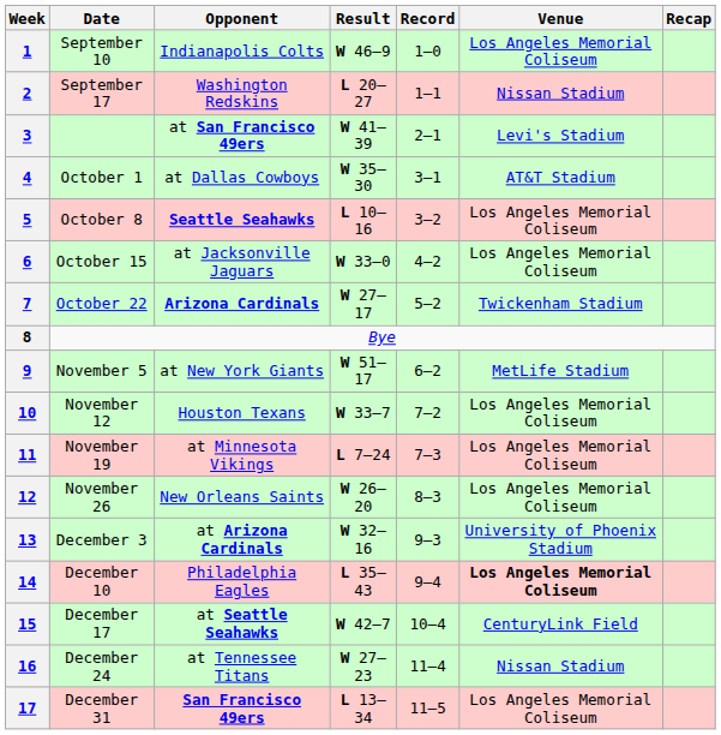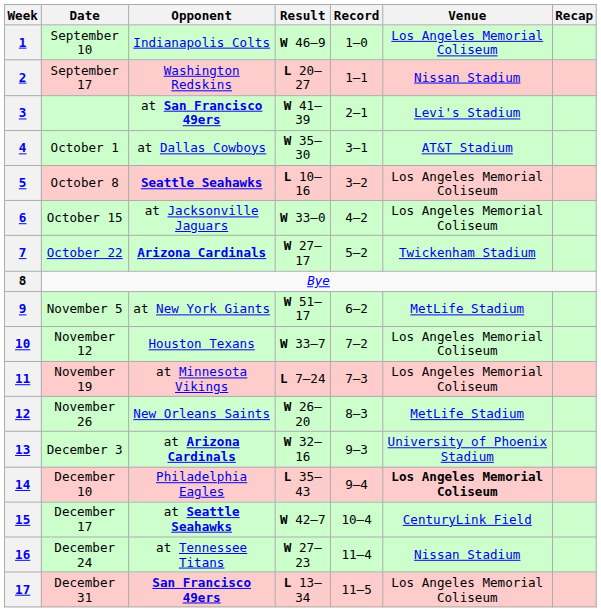 <table class="wikitable" style="text-align:center">
 <tr>
 <th>Week</th>
 <th>Date</th>
 <th>Opponent</th>
 <th>Result</th>
 <th>Record</th>
 <th>Venue</th>
 <th>Recap</th>
 </tr>
 <tr style="background:#cfc">
 <th><a href='#'>1</a></th>
 <td>September 10</td>
 <td><a href='#'>Indianapolis Colts</a></td>
 <td><strong>W</strong> 46–9</td>
 <td>1–0</td>
 <td><a href='#'>Los Angeles Memorial Coliseum</a></td>
 <td></td>
 </tr>
 <tr style="background:#fcc">
 <th><a href='#'>2</a></th>
 <td>September 17</td>
 <td><a href='#'>Washington Redskins</a></td>
 <td><strong>L</strong> 20–27</td>
 <td>1–1</td>
 <td><a href='#'>Nissan Stadium</a></td>
 <td></td>
 </tr>
 <tr style="background:#cfc">
 <th><a href='#'>3</a></th>
 <td></td>
 <td>at <strong><a href='#'>San Francisco 49ers</a></strong></td>
 <td><strong>W</strong> 41–39</td>
 <td>2–1</td>
 <td><a href='#'>Levi's Stadium</a></td>
 <td></td>
 </tr>
 <tr style="background:#cfc">
 <th><a href='#'>4</a></th>
 <td>October 1</td>
 <td>at <a href='#'>Dallas Cowboys</a></td>
 <td><strong>W</strong> 35–30</td>
 <td>3–1</td>
 <td><a href='#'>AT&T Stadium</a></td>
 <td></td>
 </tr>
 <tr style="background:#fcc">
 <th><a href='#'>5</a></th>
 <td>October 8</td>
 <td><strong><a href='#'>Seattle Seahawks</a></strong></td>
 <td><strong>L</strong> 10–16</td>
 <td>3–2</td>
 <td>Los Angeles Memorial Coliseum</td>
 <td></td>
 </tr>
 <tr style="background:#cfc">
 <th><a href='#'>6</a></th>
 <td>October 15</td>
 <td>at <a href='#'>Jacksonville Jaguars</a></td>
 <td><strong>W</strong> 33–0</td>
 <td>4–2</td>
 <td>Los Angeles Memorial Coliseum</td>
 <td></td>
 </tr>
 <tr style="background:#cfc">
 <th><a href='#'>7</a></th>
 <td><a href='#'>October 22</a></td>
 <td><strong><a href='#'>Arizona Cardinals</a></strong></td>
 <td><strong>W</strong> 27–17</td>
 <td>5–2</td>
 <td> <a href='#'>Twickenham Stadium</a> </td>
 <td></td>
 </tr>
 <tr>
 <th>8</th>
 <td colspan="6"><em><a href='#'>Bye</a></em></td>
 </tr>
 <tr style="background:#cfc">
 <th><a href='#'>9</a></th>
 <td>November 5</td>
 <td>at <a href='#'>New York Giants</a></td>
 <td><strong>W</strong> 51–17</td>
 <td>6–2</td>
 <td><a href='#'>MetLife Stadium</a></td>
 <td></td>
 </tr>
 <tr style="background:#cfc">
 <th><a href='#'>10</a></th>
 <td>November 12</td>
 <td><a href='#'>Houston Texans</a></td>
 <td><strong>W</strong> 33–7</td>
 <td>7–2</td>
 <td>Los Angeles Memorial Coliseum</td>
 <td></td>
 </tr>
 <tr style="background:#fcc">
 <th><a href='#'>11</a></th>
 <td>November 19</td>
 <td>at <a href='#'>Minnesota Vikings</a></td>
 <td><strong>L</strong> 7–24</td>
 <td>7–3</td>
 <td>Los Angeles Memorial Coliseum</td>
 <td></td>
 </tr>
 <tr style="background:#cfc">
 <th><a href='#'>12</a></th>
 <td>November 26</td>
 <td><a href='#'>New Orleans Saints</a></td>
 <td><strong>W</strong> 26–20</td>
 <td>8–3</td>
-<td>Los Angeles Memorial Coliseum</td>
+<td><a href='#'>MetLife Stadium</a></td>
 <td></td>
 </tr>
 <tr style="background:#cfc">
 <th><a href='#'>13</a></th>
 <td>December 3</td>
 <td>at <strong><a href='#'>Arizona Cardinals</a></strong></td>
 <td><strong>W</strong> 32–16</td>
 <td>9–3</td>
 <td><a href='#'>University of Phoenix Stadium</a></td>
 <td></td>
 </tr>
 <tr style="background:#fcc">
 <th><a href='#'>14</a></th>
 <td>December 10</td>
 <td><a href='#'>Philadelphia Eagles</a></td>
 <td><strong>L</strong> 35–43</td>
 <td>9–4</td>
 <td><strong>Los Angeles Memorial Coliseum</strong></td>
 <td></td>
 </tr>
 <tr style="background:#cfc">
 <th><a href='#'>15</a></th>
 <td>December 17</td>
 <td>at <strong><a href='#'>Seattle Seahawks</a></strong></td>
 <td><strong>W</strong> 42–7</td>
 <td>10–4</td>
 <td><a href='#'>CenturyLink Field</a></td>
 <td></td>
 </tr>
 <tr style="background:#cfc">
 <th><a href='#'>16</a></th>
 <td>December 24</td>
 <td>at <a href='#'>Tennessee Titans</a></td>
 <td><strong>W</strong> 27–23</td>
 <td>11–4</td>
 <td><a href='#'>Nissan Stadium</a></td>
 <td></td>
 </tr>
 <tr style="background:#fcc">
 <th><a href='#'>17</a></th>
 <td>December 31</td>
 <td><strong><a href='#'>San Francisco 49ers</a></strong></td>
 <td><strong>L</strong> 13–34</td>
 <td>11–5</td>
 <td>Los Angeles Memorial Coliseum</td>
 <td></td>
 </tr>
 </table>
